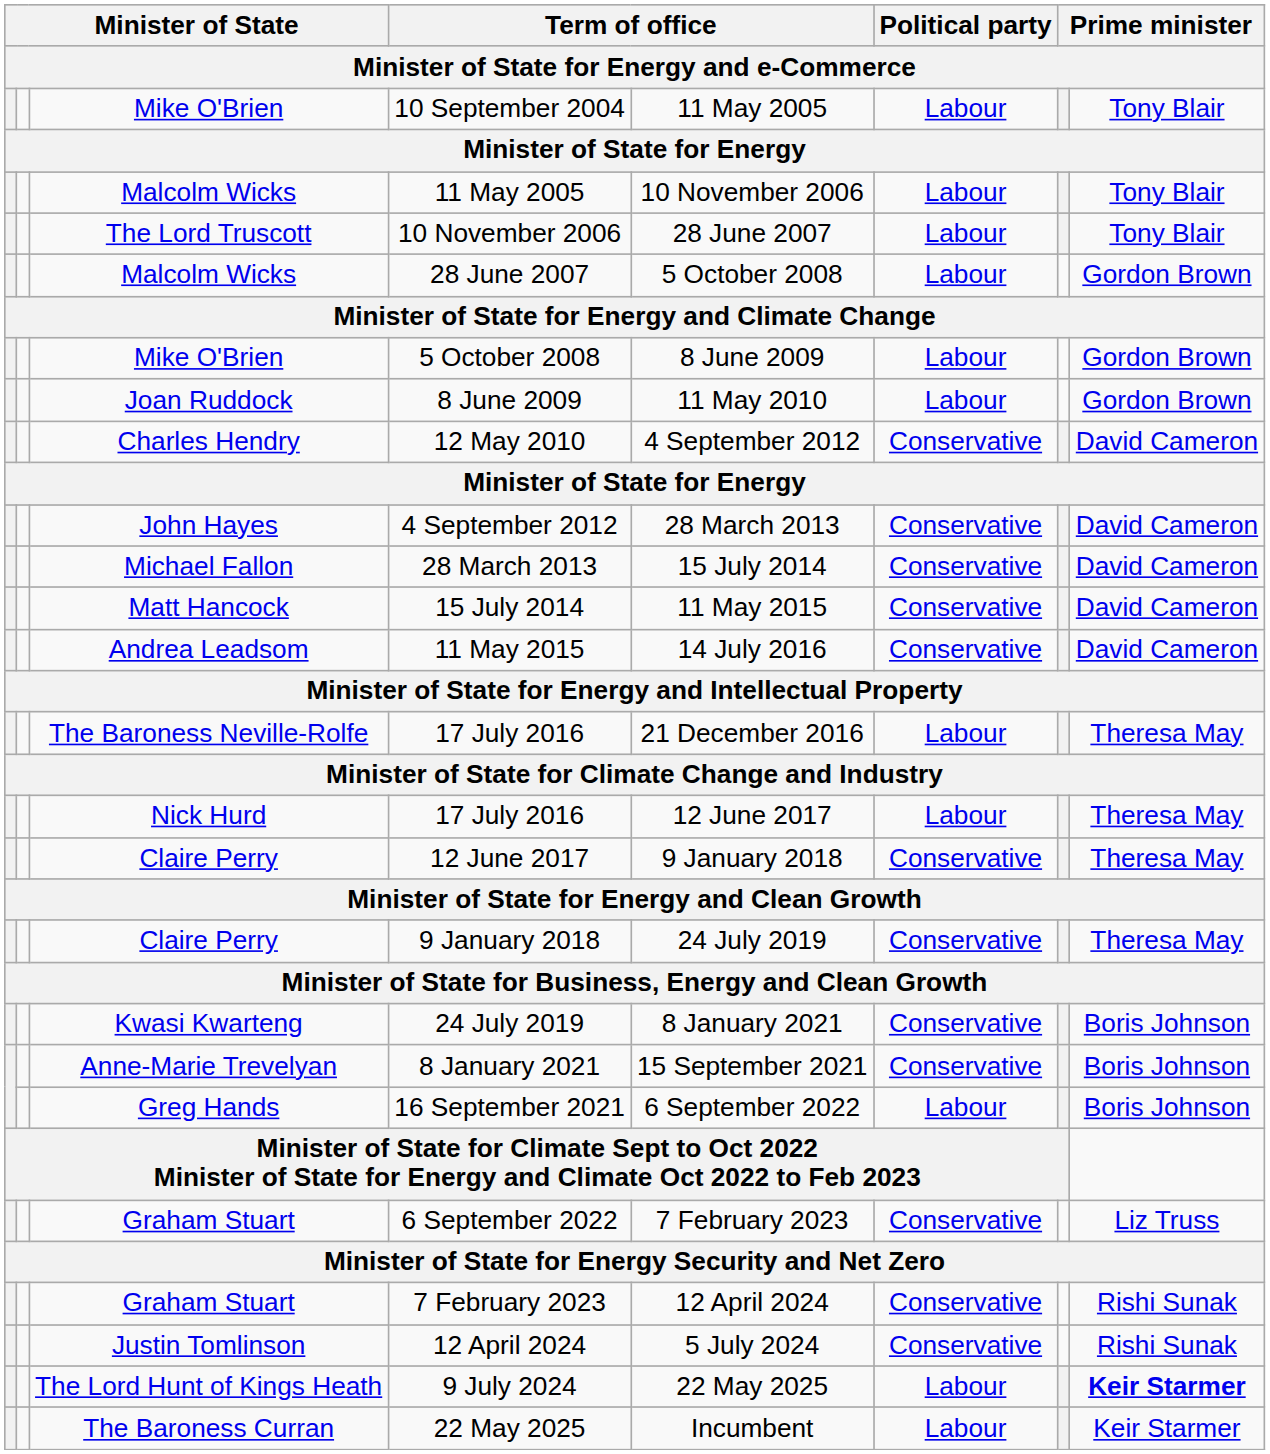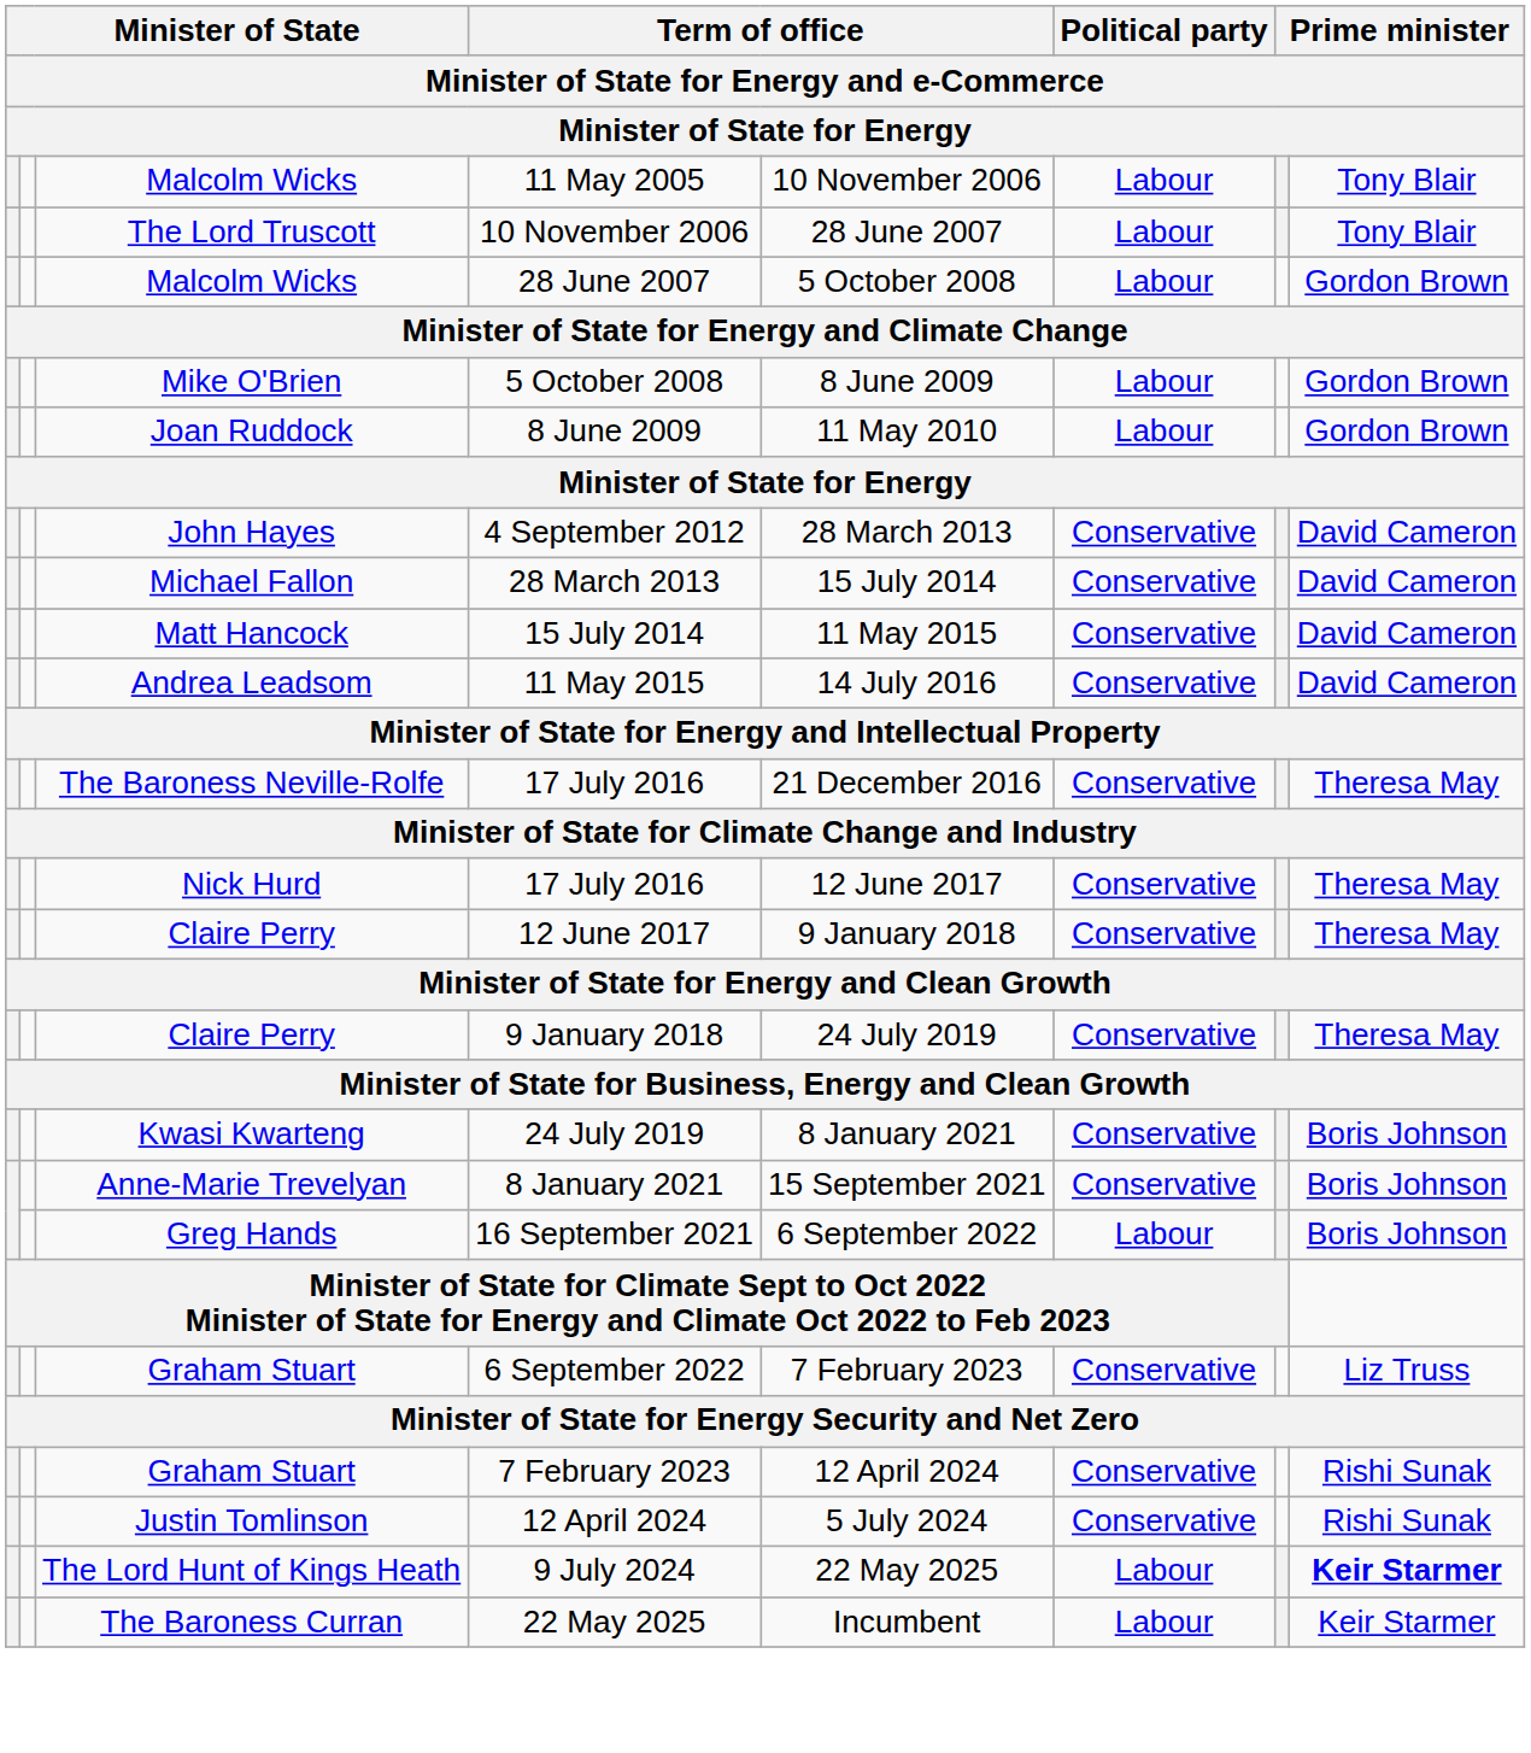 <table class="wikitable" style="text-align:center">
 <tr>
 <th colspan=3>Minister of State</th>
 <th colspan=2>Term of office</th>
 <th>Political party</th>
 <th colspan=2>Prime minister</th>
 </tr>
 <tr>
 <th colspan=8>Minister of State for Energy and e-Commerce</th>
-</tr>
-<tr>
-<th style="background-color:"></th>
-<td></td>
-<td><a href='#'>Mike O'Brien</a></td>
-<td>10 September 2004</td>
-<td>11 May 2005</td>
-<td><a href='#'>Labour</a></td>
-<th style="background-color:"></th>
-<td><a href='#'>Tony Blair</a></td>
 </tr>
 <tr>
 <th colspan=8>Minister of State for Energy</th>
 </tr>
 <tr>
 <th style="background-color:"></th>
 <td></td>
 <td><a href='#'>Malcolm Wicks</a></td>
 <td>11 May 2005</td>
 <td>10 November 2006</td>
 <td><a href='#'>Labour</a></td>
 <th style="background-color:"></th>
 <td><a href='#'>Tony Blair</a></td>
 </tr>
 <tr>
 <th style="background-color:"></th>
 <td></td>
 <td><a href='#'>The Lord Truscott</a></td>
 <td>10 November 2006</td>
 <td>28 June 2007</td>
 <td><a href='#'>Labour</a></td>
 <th style="background-color:"></th>
 <td><a href='#'>Tony Blair</a></td>
 </tr>
 <tr>
 <th style="background-color:"></th>
 <td></td>
 <td><a href='#'>Malcolm Wicks</a></td>
 <td>28 June 2007</td>
 <td>5 October 2008</td>
 <td><a href='#'>Labour</a></td>
 <td style="background-color:"></td>
 <td><a href='#'>Gordon Brown</a></td>
 </tr>
 <tr>
 <th colspan=8>Minister of State for Energy and Climate Change</th>
 </tr>
 <tr>
 <th style="background-color:"></th>
 <td></td>
 <td><a href='#'>Mike O'Brien</a></td>
 <td>5 October 2008</td>
 <td>8 June 2009</td>
 <td><a href='#'>Labour</a></td>
 <td style="background-color:"></td>
 <td><a href='#'>Gordon Brown</a></td>
 </tr>
 <tr>
 <th style="background-color:"></th>
 <td></td>
 <td><a href='#'>Joan Ruddock</a></td>
 <td>8 June 2009</td>
 <td>11 May 2010</td>
 <td><a href='#'>Labour</a></td>
 <td style="background-color:"></td>
 <td><a href='#'>Gordon Brown</a></td>
 </tr>
 <tr>
-<th style="background-color:"></th>
-<td></td>
-<td><a href='#'>Charles Hendry</a></td>
-<td>12 May 2010</td>
-<td>4 September 2012</td>
-<td><a href='#'>Conservative</a></td>
-<th style="background-color:"></th>
-<td><a href='#'>David Cameron</a></td>
-</tr>
-<tr>
 <th colspan=8>Minister of State for Energy</th>
 </tr>
 <tr>
 <th style="background-color:"></th>
 <td></td>
 <td><a href='#'>John Hayes</a></td>
 <td>4 September 2012</td>
 <td>28 March 2013</td>
 <td><a href='#'>Conservative</a></td>
 <th style="background-color:"></th>
 <td><a href='#'>David Cameron</a></td>
 </tr>
 <tr>
 <th style="background-color:"></th>
 <td></td>
 <td><a href='#'>Michael Fallon</a></td>
 <td>28 March 2013</td>
 <td>15 July 2014</td>
 <td><a href='#'>Conservative</a></td>
 <th style="background-color:"></th>
 <td><a href='#'>David Cameron</a></td>
 </tr>
 <tr>
 <th style="background-color:"></th>
 <td></td>
 <td><a href='#'>Matt Hancock</a></td>
 <td>15 July 2014</td>
 <td>11 May 2015</td>
 <td><a href='#'>Conservative</a></td>
 <th style="background-color:"></th>
 <td><a href='#'>David Cameron</a></td>
 </tr>
 <tr>
 <th style="background-color:"></th>
 <td></td>
 <td><a href='#'>Andrea Leadsom</a></td>
 <td>11 May 2015</td>
 <td>14 July 2016</td>
 <td><a href='#'>Conservative</a></td>
 <th style="background-color:"></th>
 <td><a href='#'>David Cameron</a></td>
 </tr>
 <tr>
 <th colspan=8>Minister of State for Energy and Intellectual Property</th>
 </tr>
 <tr>
 <th style="background-color:"></th>
 <td></td>
 <td><a href='#'>The Baroness Neville-Rolfe</a></td>
 <td>17 July 2016</td>
 <td>21 December 2016</td>
-<td><a href='#'>Labour</a></td>
+<td><a href='#'>Conservative</a></td>
 <th style="background-color:"></th>
 <td><a href='#'>Theresa May</a></td>
 </tr>
 <tr>
 <th colspan=8>Minister of State for Climate Change and Industry</th>
 </tr>
 <tr>
 <th style="background-color:"></th>
 <td></td>
 <td><a href='#'>Nick Hurd</a></td>
 <td>17 July 2016</td>
 <td>12 June 2017</td>
-<td><a href='#'>Labour</a></td>
+<td><a href='#'>Conservative</a></td>
 <th style="background-color:"></th>
 <td><a href='#'>Theresa May</a></td>
 </tr>
 <tr>
 <th style="background-color:"></th>
 <td></td>
 <td><a href='#'>Claire Perry</a></td>
 <td>12 June 2017</td>
 <td>9 January 2018</td>
 <td><a href='#'>Conservative</a></td>
 <th style="background-color:"></th>
 <td><a href='#'>Theresa May</a></td>
 </tr>
 <tr>
 <th colspan=8>Minister of State for Energy and Clean Growth</th>
 </tr>
 <tr>
 <th style="background-color:"></th>
 <td></td>
 <td><a href='#'>Claire Perry</a></td>
 <td>9 January 2018</td>
 <td>24 July 2019</td>
 <td><a href='#'>Conservative</a></td>
 <th style="background-color:"></th>
 <td><a href='#'>Theresa May</a></td>
 </tr>
 <tr>
 <th colspan=8>Minister of State for Business, Energy and Clean Growth</th>
 </tr>
 <tr>
 <th style="background-color:"></th>
 <td></td>
 <td><a href='#'>Kwasi Kwarteng</a></td>
 <td>24 July 2019</td>
 <td>8 January 2021</td>
 <td><a href='#'>Conservative</a></td>
 <th style="background-color:"></th>
 <td><a href='#'>Boris Johnson</a></td>
 </tr>
 <tr>
 <th rowspan=2 style="background-color:"></th>
 <td></td>
 <td><a href='#'>Anne-Marie Trevelyan</a></td>
 <td>8 January 2021</td>
 <td>15 September 2021</td>
 <td><a href='#'>Conservative</a></td>
 <th style="background-color:"></th>
 <td><a href='#'>Boris Johnson</a></td>
 </tr>
 <tr>
 <td></td>
 <td><a href='#'>Greg Hands</a></td>
 <td>16 September 2021</td>
 <td>6 September 2022</td>
 <td><a href='#'>Labour</a></td>
 <th style="background-color:"></th>
 <td><a href='#'>Boris Johnson</a></td>
 </tr>
 <tr>
 <th colspan=7>Minister of State for Climate Sept to Oct 2022 <br> Minister of State for Energy and Climate Oct 2022 to Feb 2023</th>
 </tr>
 <tr>
 <th style="background-color:"></th>
 <td></td>
 <td><a href='#'>Graham Stuart</a></td>
 <td>6 September 2022</td>
 <td>7 February 2023</td>
 <td><a href='#'>Conservative</a></td>
 <td style="background-color:"></td>
 <td><a href='#'>Liz Truss</a></td>
 </tr>
 <tr>
 <th colspan=8>Minister of State for Energy Security and Net Zero</th>
 </tr>
 <tr>
 <th style="background-color:"></th>
 <td></td>
 <td><a href='#'>Graham Stuart</a></td>
 <td>7 February 2023</td>
 <td>12 April 2024</td>
 <td><a href='#'>Conservative</a></td>
 <td style="background-color:"></td>
 <td><a href='#'>Rishi Sunak</a></td>
 </tr>
 <tr>
 <th style="background-color:"></th>
 <td></td>
 <td><a href='#'>Justin Tomlinson</a></td>
 <td>12 April 2024</td>
 <td>5 July 2024</td>
 <td><a href='#'>Conservative</a></td>
 <td style="background-color:"></td>
 <td><a href='#'>Rishi Sunak</a></td>
 </tr>
 <tr>
 <th style="background-color:"></th>
 <td></td>
 <td><a href='#'>The Lord Hunt of Kings Heath</a></td>
 <td>9 July 2024</td>
 <td>22 May 2025</td>
 <td><a href='#'>Labour</a></td>
 <th style="background-color:"></th>
 <td><strong><a href='#'>Keir Starmer</a></strong></td>
 </tr>
 <tr>
 <th style="background-color:"></th>
 <td></td>
 <td><a href='#'>The Baroness Curran</a></td>
 <td>22 May 2025</td>
 <td>Incumbent</td>
 <td><a href='#'>Labour</a></td>
 <th style="background-color:"></th>
 <td><a href='#'>Keir Starmer</a></td>
 </tr>
 </table>
